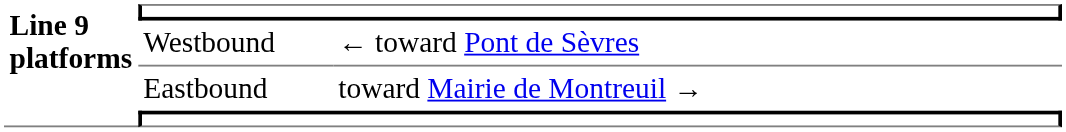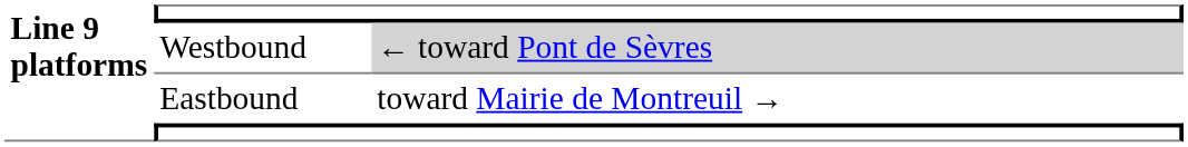 <table border=0 cellspacing=0 cellpadding=3>
 <tr>
 <td style="border-bottom:solid 1px gray;" width=50 rowspan=10 valign=top><strong>Line 9 platforms</strong></td>
 <td style="border-top:solid 1px gray;border-right:solid 2px black;border-left:solid 2px black;border-bottom:solid 2px black;text-align:center;" colspan=2></td>
 </tr>
 <tr>
 <td style="border-bottom:solid 1px gray;" width=100>Westbound</td>
-<td style="border-bottom:solid 1px gray;" width=390>←   toward <a href='#'>Pont de Sèvres</a> </td>
+<td style="background: lightgrey; border-bottom:solid 1px gray;" width=390>←   toward <a href='#'>Pont de Sèvres</a> </td>
 </tr>
 <tr>
 <td>Eastbound</td>
 <td>   toward <a href='#'>Mairie de Montreuil</a>  →</td>
 </tr>
 <tr>
 <td style="border-top:solid 2px black;border-right:solid 2px black;border-left:solid 2px black;border-bottom:solid 1px gray;text-align:center;" colspan=2></td>
 </tr>
 </table>
